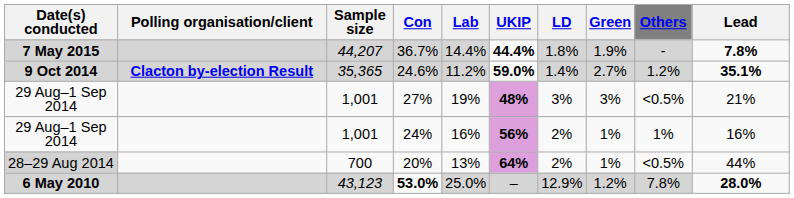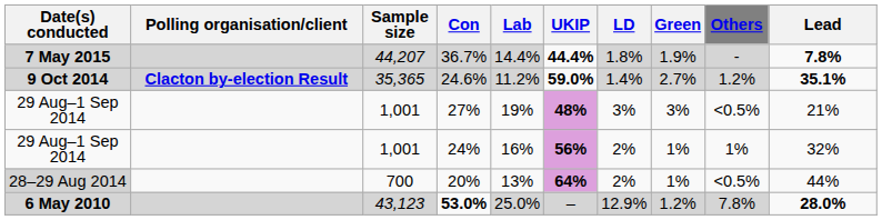 <table class="wikitable sortable" style="text-align:center;font-size:90%;line-height:14px">
 <tr>
 <th ! style="width:105px;">Date(s)<br>conducted</th>
 <th style="width:200px;">Polling organisation/client</th>
 <th class="unsortable" style="width:60px;">Sample size</th>
 <th class="unsortable" style="background:"><a href='#'><span>Con</span></a></th>
 <th class="unsortable" style="background:"><a href='#'><span>Lab</span></a></th>
 <th class="unsortable" style="background:"><a href='#'><span>UKIP</span></a></th>
 <th class="unsortable" style="background:"><a href='#'><span>LD</span></a></th>
 <th class="unsortable" style="background:"><a href='#'><span>Green</span></a></th>
 <th class="unsortable" style="background:gray; width:50px;"><a href='#'><span>Others</span></a></th>
 <th class="unsortable" style="width:90px;">Lead</th>
 </tr>
 <tr>
 <td style="background:#D5D5D5"><strong>7 May 2015</strong></td>
 <td style="background:#D5D5D5"></td>
 <td style="background:#D5D5D5"><em>44,207</em></td>
 <td style="background:#D5D5D5">36.7%</td>
 <td style="background:#D5D5D5">14.4%</td>
 <td style="background:"><strong>44.4%</strong></td>
 <td style="background:#D5D5D5">1.8%</td>
 <td style="background:#D5D5D5">1.9%</td>
 <td style="background:#D5D5D5">-</td>
 <td style="background:"><strong>7.8% </strong></td>
 </tr>
 <tr>
 <td style="background:#D5D5D5"><strong>9 Oct 2014</strong></td>
 <td style="background:#D5D5D5"><strong><a href='#'>Clacton by-election Result</a></strong></td>
 <td style="background:#D5D5D5"><em>35,365</em></td>
 <td style="background:#D5D5D5">24.6%</td>
 <td style="background:#D5D5D5">11.2%</td>
 <td style="background:"><strong>59.0%</strong></td>
 <td style="background:#D5D5D5">1.4%</td>
 <td style="background:#D5D5D5">2.7%</td>
 <td style="background:#D5D5D5">1.2%</td>
 <td style="background:"><strong>35.1% </strong></td>
 </tr>
 <tr>
 <td>29 Aug–1 Sep 2014</td>
 <td></td>
 <td>1,001</td>
 <td>27%</td>
 <td>19%</td>
 <td style="background:plum"><strong>48%</strong></td>
 <td>3%</td>
 <td>3%</td>
 <td><0.5%</td>
 <td style="background:">21%</td>
 </tr>
 <tr>
 <td>29 Aug–1 Sep 2014</td>
 <td></td>
 <td>1,001</td>
 <td>24%</td>
 <td>16%</td>
 <td style="background:plum"><strong>56%</strong></td>
 <td>2%</td>
 <td>1%</td>
 <td>1%</td>
-<td style="background:">16%</td>
+<td style="background:">32%</td>
 </tr>
 <tr>
 <td style="background: lightgrey;">28–29 Aug 2014</td>
 <td></td>
 <td>700</td>
 <td>20%</td>
 <td>13%</td>
 <td style="background:plum"><strong>64%</strong></td>
 <td>2%</td>
 <td>1%</td>
 <td><0.5%</td>
 <td style="background:">44%</td>
 </tr>
 <tr>
 <td style="background:#D5D5D5"><strong>6 May 2010</strong></td>
 <td style="background:#D5D5D5"></td>
 <td style="background:#D5D5D5"><em>43,123</em></td>
 <td style="background:"><strong>53.0%</strong></td>
 <td style="background:#D5D5D5">25.0%</td>
 <td style="background:#D5D5D5">–</td>
 <td style="background:#D5D5D5">12.9%</td>
 <td style="background:#D5D5D5">1.2%</td>
 <td style="background:#D5D5D5">7.8%</td>
 <td style="background:"><strong>28.0% </strong></td>
 </tr>
 </table>
